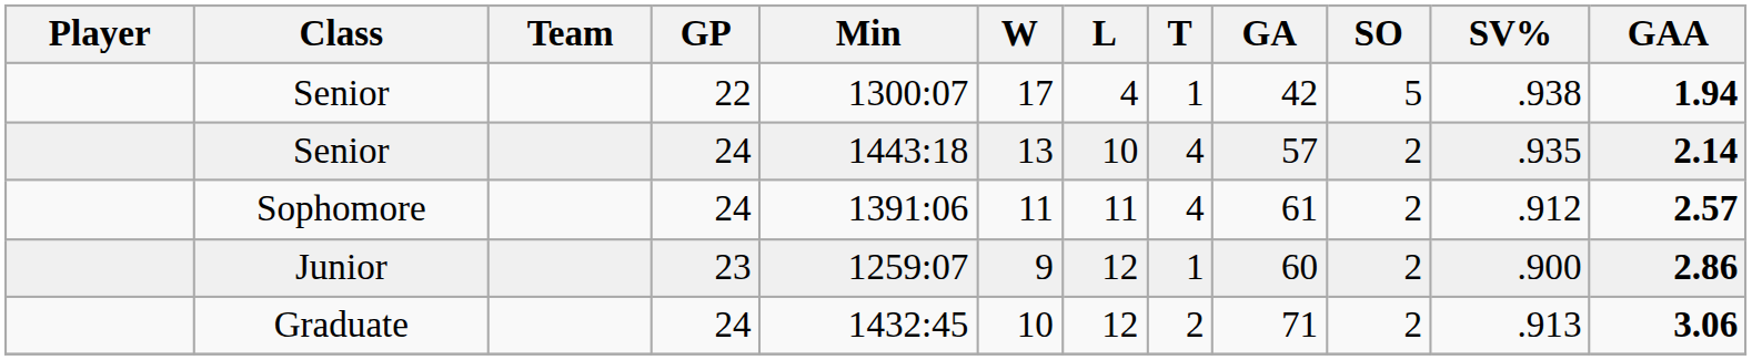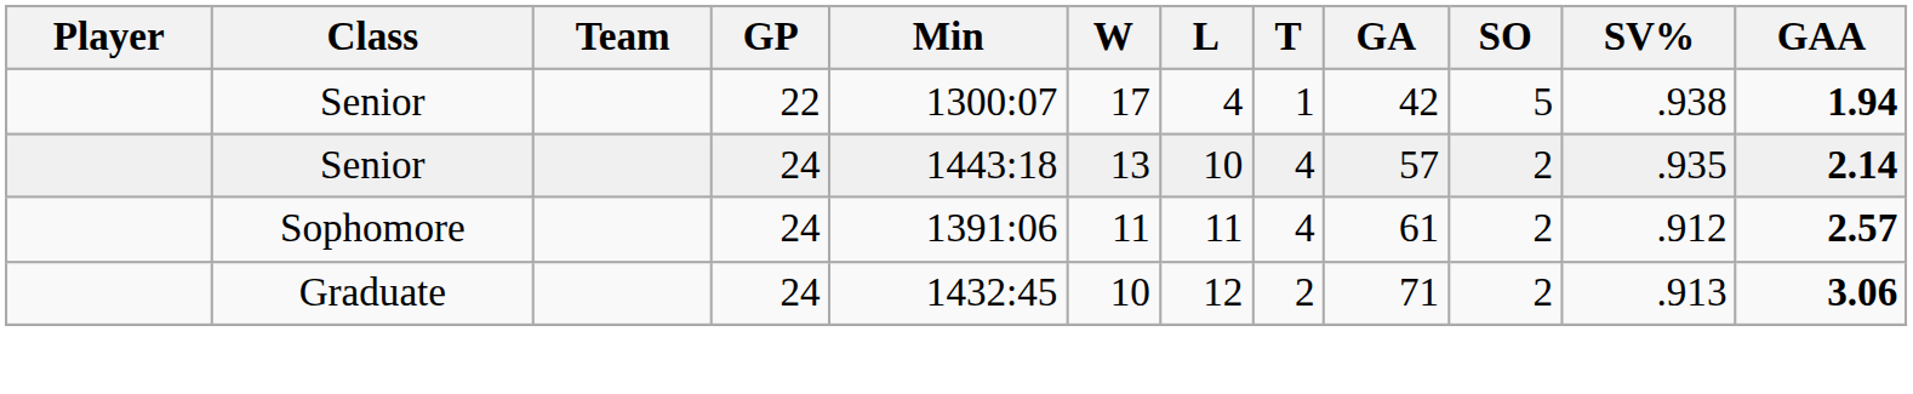 <table class="wikitable sortable" style="text-align: center; "width=60%">
 <tr>
 <th>Player</th>
 <th>Class</th>
 <th>Team</th>
 <th>GP</th>
 <th>Min</th>
 <th>W</th>
 <th>L</th>
 <th>T</th>
 <th>GA</th>
 <th>SO</th>
 <th>SV%</th>
 <th>GAA</th>
 </tr>
 <tr>
 <td style="text-align: left"></td>
 <td>Senior</td>
 <td><strong><a href='#'></a></strong></td>
 <td style="text-align: right">22</td>
 <td style="text-align: right">1300:07</td>
 <td style="text-align: right">17</td>
 <td style="text-align: right">4</td>
 <td style="text-align: right">1</td>
 <td style="text-align: right">42</td>
 <td style="text-align: right">5</td>
 <td style="text-align: right">.938</td>
 <td style="text-align: right"><strong>1.94</strong></td>
 </tr>
 <tr bgcolor=f0f0f0>
 <td style="text-align: left"></td>
 <td>Senior</td>
 <td><strong><a href='#'></a></strong></td>
 <td style="text-align: right">24</td>
 <td style="text-align: right">1443:18</td>
 <td style="text-align: right">13</td>
 <td style="text-align: right">10</td>
 <td style="text-align: right">4</td>
 <td style="text-align: right">57</td>
 <td style="text-align: right">2</td>
 <td style="text-align: right">.935</td>
 <td style="text-align: right"><strong>2.14</strong></td>
 </tr>
 <tr>
 <td style="text-align: left"></td>
 <td>Sophomore</td>
 <td><strong><a href='#'></a></strong></td>
 <td style="text-align: right">24</td>
 <td style="text-align: right">1391:06</td>
 <td style="text-align: right">11</td>
 <td style="text-align: right">11</td>
 <td style="text-align: right">4</td>
 <td style="text-align: right">61</td>
 <td style="text-align: right">2</td>
 <td style="text-align: right">.912</td>
 <td style="text-align: right"><strong>2.57</strong></td>
 </tr>
-<tr bgcolor=f0f0f0>
-<td style="text-align: left"></td>
-<td>Junior</td>
-<td><strong><a href='#'></a></strong></td>
-<td style="text-align: right">23</td>
-<td style="text-align: right">1259:07</td>
-<td style="text-align: right">9</td>
-<td style="text-align: right">12</td>
-<td style="text-align: right">1</td>
-<td style="text-align: right">60</td>
-<td style="text-align: right">2</td>
-<td style="text-align: right">.900</td>
-<td style="text-align: right"><strong>2.86</strong></td>
-</tr>
 <tr>
 <td style="text-align: left"></td>
 <td>Graduate</td>
 <td><strong><a href='#'></a></strong></td>
 <td style="text-align: right">24</td>
 <td style="text-align: right">1432:45</td>
 <td style="text-align: right">10</td>
 <td style="text-align: right">12</td>
 <td style="text-align: right">2</td>
 <td style="text-align: right">71</td>
 <td style="text-align: right">2</td>
 <td style="text-align: right">.913</td>
 <td style="text-align: right"><strong>3.06</strong></td>
 </tr>
 <tr>
 </tr>
 </table>
